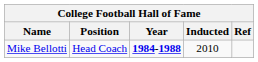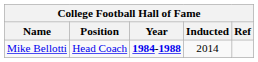 <table class="wikitable">
 <tr align="center">
 <th colspan=5>College Football Hall of Fame</th>
 </tr>
 <tr>
 <th>Name</th>
 <th>Position</th>
 <th>Year</th>
 <th>Inducted</th>
 <th>Ref</th>
 </tr>
 <tr align="center" bgcolor="">
 <td><a href='#'>Mike Bellotti</a></td>
 <td><a href='#'>Head Coach</a></td>
 <td><strong><a href='#'>1984</a>-<a href='#'>1988</a></strong></td>
-<td>2010</td>
+<td>2014</td>
 <td></td>
 </tr>
 </table>
